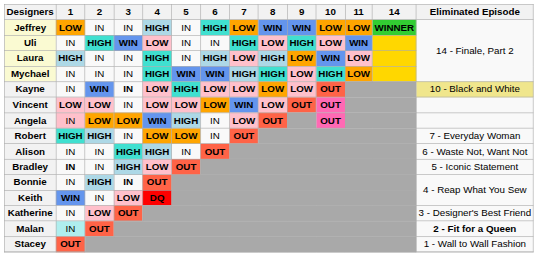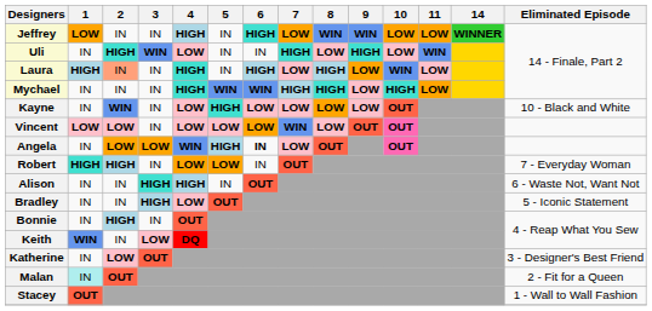 <table class="wikitable" style="text-align:center">
 <tr>
 <th>Designers</th>
 <th>1</th>
 <th>2</th>
 <th>3</th>
 <th>4</th>
 <th>5</th>
 <th>6</th>
 <th>7</th>
 <th>8</th>
 <th>9</th>
 <th>10</th>
 <th>11</th>
 <th>14</th>
 <th>Eliminated Episode</th>
 </tr>
 <tr>
 <th style="background:#FAFAD2;">Jeffrey</th>
 <td style="background:orange;"><strong>LOW</strong></td>
 <td>IN</td>
 <td>IN</td>
 <td style="background:lightblue;"><strong>HIGH</strong></td>
 <td>IN</td>
 <td style="background:turquoise;"><strong>HIGH</strong></td>
 <td style="background:orange;"><strong>LOW</strong></td>
 <td style="background:cornflowerblue;"><strong>WIN</strong></td>
 <td style="background:cornflowerblue;"><strong>WIN</strong></td>
 <td style="background:orange;"><strong>LOW</strong></td>
 <td style="background:orange;"><strong>LOW</strong></td>
 <td style="background:limegreen;"><strong>WINNER</strong></td>
 <td rowspan="4">14 - Finale, Part 2</td>
 </tr>
 <tr>
 <th style="background:#FAFAD2;">Uli</th>
 <td>IN</td>
 <td style="background:turquoise;"><strong>HIGH</strong></td>
 <td style="background:cornflowerblue;"><strong>WIN</strong></td>
 <td style="background:pink;"><strong>LOW</strong></td>
 <td>IN</td>
 <td>IN</td>
 <td style="background:turquoise;"><strong>HIGH</strong></td>
 <td style="background:pink;"><strong>LOW</strong></td>
 <td style="background:turquoise;"><strong>HIGH</strong></td>
 <td style="background:pink;"><strong>LOW</strong></td>
 <td style="background:cornflowerblue;"><strong>WIN</strong></td>
 <td style="background:gold;"></td>
 </tr>
 <tr>
 <th style="background:#FAFAD2;">Laura</th>
 <td style="background:lightblue;"><strong>HIGH</strong></td>
-<td>IN</td>
+<td style="background: lightsalmon;">IN</td>
 <td>IN</td>
 <td style="background:turquoise;"><strong>HIGH</strong></td>
 <td>IN</td>
 <td style="background:lightblue;"><strong>HIGH</strong></td>
 <td style="background:pink;"><strong>LOW</strong></td>
 <td style="background:lightblue;"><strong>HIGH</strong></td>
 <td style="background:orange;"><strong>LOW</strong></td>
 <td style="background:cornflowerblue;"><strong>WIN</strong></td>
 <td style="background:pink;"><strong>LOW</strong></td>
 <td style="background:gold;"></td>
 </tr>
 <tr>
 <th style="background:#FAFAD2;">Mychael</th>
 <td>IN</td>
 <td>IN</td>
 <td>IN</td>
 <td style="background:turquoise;"><strong>HIGH</strong></td>
 <td style="background:cornflowerblue;"><strong>WIN</strong></td>
 <td style="background:cornflowerblue;"><strong>WIN</strong></td>
 <td style="background:lightblue;"><strong>HIGH</strong></td>
 <td style="background:turquoise;"><strong>HIGH</strong></td>
 <td style="background:pink;"><strong>LOW</strong></td>
 <td style="background:turquoise"><strong>HIGH</strong></td>
 <td style="background:orange"><strong>LOW</strong></td>
 <td style="background:gold;"></td>
 </tr>
 <tr>
 <th>Kayne</th>
 <td>IN</td>
 <td style="background:cornflowerblue;"><strong>WIN</strong></td>
-<td><strong>IN</strong></td>
+<td>IN</td>
 <td style="background:pink;"><strong>LOW</strong></td>
 <td style="background:turquoise;"><strong>HIGH</strong></td>
 <td style="background:pink;"><strong>LOW</strong></td>
 <td style="background:pink;"><strong>LOW</strong></td>
 <td style="background:orange;"><strong>LOW</strong></td>
 <td style="background:pink;"><strong>LOW</strong></td>
 <td style="background:tomato;"><strong>OUT</strong></td>
 <td colspan=2 style="background:darkgrey;"></td>
-<td style="background: khaki;">10 - Black and White</td>
+<td>10 - Black and White</td>
 </tr>
 <tr>
 <th>Vincent</th>
 <td style="background:pink;"><strong>LOW</strong></td>
 <td style="background:pink;"><strong>LOW</strong></td>
 <td>IN</td>
 <td style="background:pink;"><strong>LOW</strong></td>
 <td style="background:pink;"><strong>LOW</strong></td>
 <td style="background:orange;"><strong>LOW</strong></td>
 <td style="background:cornflowerblue;"><strong>WIN</strong></td>
 <td style="background:pink;"><strong>LOW</strong></td>
 <td style="background:tomato;"><strong>OUT</strong></td>
 <td style="background:hotpink;"><strong>OUT</strong></td>
 <td colspan=2 style="background:darkgrey;"></td>
 <td></td>
 </tr>
 <tr>
 <th>Angela</th>
-<td style="background: pink;">IN</td>
+<td>IN</td>
 <td style="background:orange;"><strong>LOW</strong></td>
 <td style="background:orange;"><strong>LOW</strong></td>
 <td style="background:cornflowerblue;"><strong>WIN</strong></td>
 <td style="background:lightblue;"><strong>HIGH</strong></td>
-<td>IN</td>
+<td><strong>IN</strong></td>
 <td style="background:pink;"><strong>LOW</strong></td>
 <td style="background:tomato;"><strong>OUT</strong></td>
 <td style="background:darkgrey;"></td>
 <td style="background:hotpink;"><strong>OUT</strong></td>
 <td colspan=2 style="background:darkgrey;"></td>
 <td></td>
 </tr>
 <tr>
 <th>Robert</th>
 <td style="background:turquoise;"><strong>HIGH</strong></td>
 <td style="background:lightblue;"><strong>HIGH</strong></td>
 <td>IN</td>
 <td style="background:orange;"><strong>LOW</strong></td>
 <td style="background:orange;"><strong>LOW</strong></td>
 <td>IN</td>
 <td style="background:tomato;"><strong>OUT</strong></td>
 <td colspan=5 style="background:darkgrey;"></td>
 <td>7 - Everyday Woman</td>
 </tr>
 <tr>
 <th>Alison</th>
 <td>IN</td>
 <td>IN</td>
 <td style="background:turquoise;"><strong>HIGH</strong></td>
 <td style="background:lightblue;"><strong>HIGH</strong></td>
 <td>IN</td>
 <td style="background:tomato;"><strong>OUT</strong></td>
 <td colspan=6 style="background:darkgrey;"></td>
 <td>6 - Waste Not, Want Not</td>
 </tr>
 <tr>
 <th>Bradley</th>
-<td><strong>IN</strong></td>
+<td>IN</td>
 <td>IN</td>
 <td style="background:lightblue;"><strong>HIGH</strong></td>
 <td style="background:pink;"><strong>LOW</strong></td>
 <td style="background:tomato;"><strong>OUT</strong></td>
 <td colspan=7 style="background:darkgrey;"></td>
 <td>5 - Iconic Statement</td>
 </tr>
 <tr>
 <th>Bonnie</th>
 <td>IN</td>
 <td style="background:lightblue;"><strong>HIGH</strong></td>
-<td style="background:"><strong>IN</strong></td>
+<td style="background:">IN</td>
 <td style="background:tomato;"><strong>OUT</strong></td>
 <td colspan=8 style="background:darkgrey;"></td>
 <td rowspan="2">4 - Reap What You Sew</td>
 </tr>
 <tr>
 <th>Keith</th>
 <td style="background:cornflowerblue;"><strong>WIN</strong></td>
 <td>IN</td>
 <td style="background:pink;"><strong>LOW</strong></td>
 <td style="background:red;"><strong>DQ</strong></td>
 <td colspan=8 style="background:darkgrey;"></td>
 </tr>
 <tr>
 <th>Katherine</th>
 <td>IN</td>
 <td style="background:pink;"><strong>LOW</strong></td>
 <td style="background:tomato;"><strong>OUT</strong></td>
 <td colspan=9 style="background:darkgrey;"></td>
 <td>3 - Designer's Best Friend</td>
 </tr>
 <tr>
 <th>Malan</th>
 <td style="background: paleturquoise;">IN</td>
 <td style="background:tomato;"><strong>OUT</strong></td>
 <td colspan=10 style="background:darkgrey;"></td>
-<td><strong>2 - Fit for a Queen</strong></td>
+<td>2 - Fit for a Queen</td>
 </tr>
 <tr>
 <th>Stacey</th>
 <td style="background:tomato;"><strong>OUT</strong></td>
 <td colspan=11 style="background:darkgrey;"></td>
 <td>1 - Wall to Wall Fashion</td>
 </tr>
 <tr>
 </tr>
 </table>
